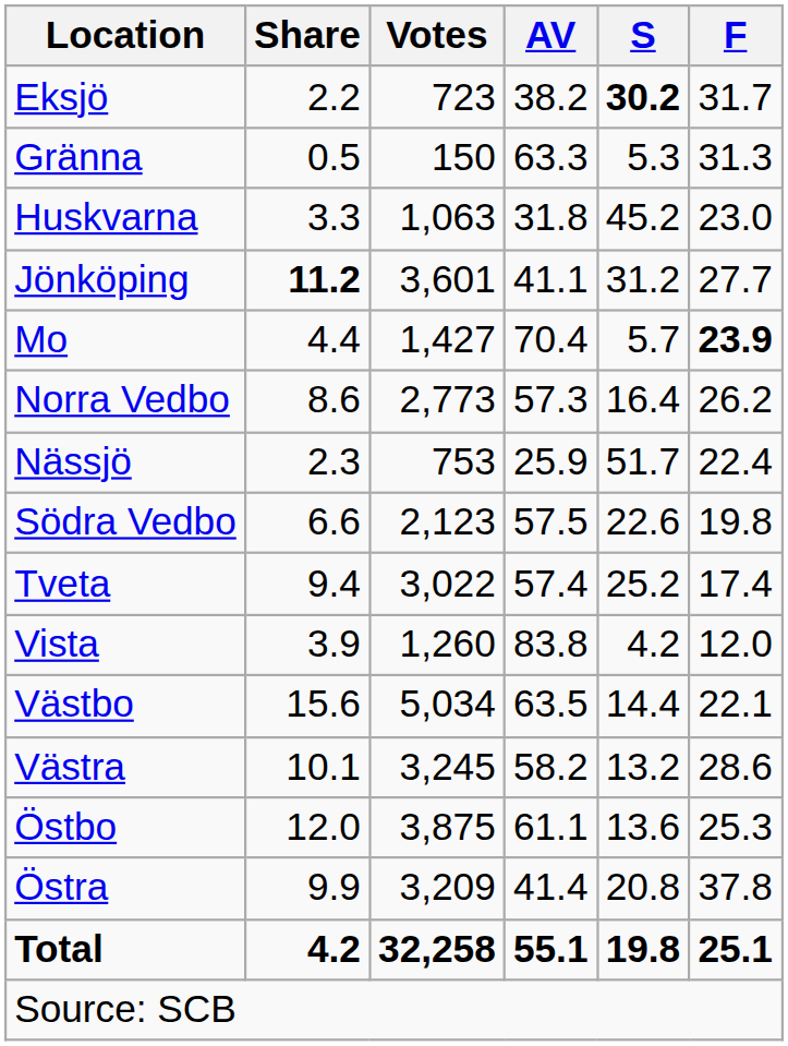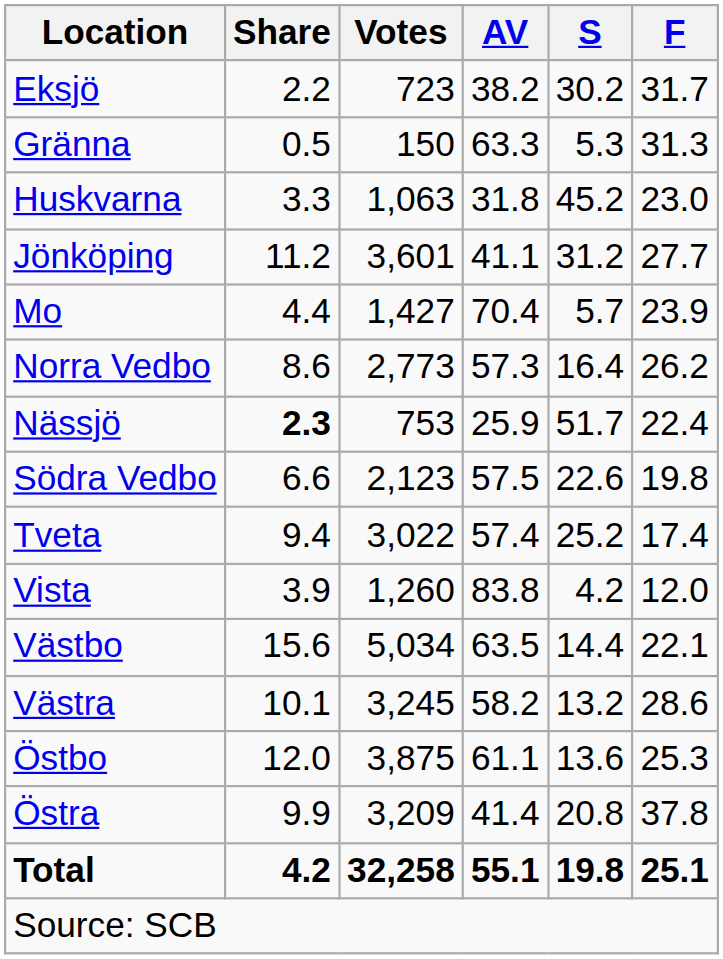 <table class="wikitable sortable" style=text-align:right>
 <tr>
 <th>Location</th>
 <th>Share</th>
 <th>Votes</th>
 <th><a href='#'>AV</a></th>
 <th><a href='#'>S</a></th>
 <th><a href='#'>F</a></th>
 </tr>
 <tr>
 <td align=left><a href='#'>Eksjö</a></td>
 <td>2.2</td>
 <td>723</td>
 <td>38.2</td>
-<td><strong>30.2</strong></td>
+<td>30.2</td>
 <td>31.7</td>
 </tr>
 <tr>
 <td align=left><a href='#'>Gränna</a></td>
 <td>0.5</td>
 <td>150</td>
 <td>63.3</td>
 <td>5.3</td>
 <td>31.3</td>
 </tr>
 <tr>
 <td align=left><a href='#'>Huskvarna</a></td>
 <td>3.3</td>
 <td>1,063</td>
 <td>31.8</td>
 <td>45.2</td>
 <td>23.0</td>
 </tr>
 <tr>
 <td align=left><a href='#'>Jönköping</a></td>
-<td><strong>11.2</strong></td>
+<td>11.2</td>
 <td>3,601</td>
 <td>41.1</td>
 <td>31.2</td>
 <td>27.7</td>
 </tr>
 <tr>
 <td align=left><a href='#'>Mo</a></td>
 <td>4.4</td>
 <td>1,427</td>
 <td>70.4</td>
 <td>5.7</td>
-<td><strong>23.9</strong></td>
+<td>23.9</td>
 </tr>
 <tr>
 <td align=left><a href='#'>Norra Vedbo</a></td>
 <td>8.6</td>
 <td>2,773</td>
 <td>57.3</td>
 <td>16.4</td>
 <td>26.2</td>
 </tr>
 <tr>
 <td align=left><a href='#'>Nässjö</a></td>
-<td>2.3</td>
+<td><strong>2.3</strong></td>
 <td>753</td>
 <td>25.9</td>
 <td>51.7</td>
 <td>22.4</td>
 </tr>
 <tr>
 <td align=left><a href='#'>Södra Vedbo</a></td>
 <td>6.6</td>
 <td>2,123</td>
 <td>57.5</td>
 <td>22.6</td>
 <td>19.8</td>
 </tr>
 <tr>
 <td align=left><a href='#'>Tveta</a></td>
 <td>9.4</td>
 <td>3,022</td>
 <td>57.4</td>
 <td>25.2</td>
 <td>17.4</td>
 </tr>
 <tr>
 <td align=left><a href='#'>Vista</a></td>
 <td>3.9</td>
 <td>1,260</td>
 <td>83.8</td>
 <td>4.2</td>
 <td>12.0</td>
 </tr>
 <tr>
 <td align=left><a href='#'>Västbo</a></td>
 <td>15.6</td>
 <td>5,034</td>
 <td>63.5</td>
 <td>14.4</td>
 <td>22.1</td>
 </tr>
 <tr>
 <td align=left><a href='#'>Västra</a></td>
 <td>10.1</td>
 <td>3,245</td>
 <td>58.2</td>
 <td>13.2</td>
 <td>28.6</td>
 </tr>
 <tr>
 <td align=left><a href='#'>Östbo</a></td>
 <td>12.0</td>
 <td>3,875</td>
 <td>61.1</td>
 <td>13.6</td>
 <td>25.3</td>
 </tr>
 <tr>
 <td align=left><a href='#'>Östra</a></td>
 <td>9.9</td>
 <td>3,209</td>
 <td>41.4</td>
 <td>20.8</td>
 <td>37.8</td>
 </tr>
 <tr>
 <td align=left><strong>Total</strong></td>
 <td><strong>4.2</strong></td>
 <td><strong>32,258</strong></td>
 <td><strong>55.1</strong></td>
 <td><strong>19.8</strong></td>
 <td><strong>25.1</strong></td>
 </tr>
 <tr>
 <td align=left colspan=6>Source: SCB </td>
 </tr>
 </table>
